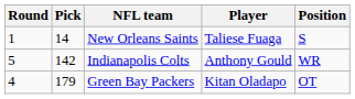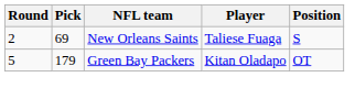 <table class="wikitable">
 <tr>
 <th style="text-align:center; ">Round</th>
 <th style="text-align:center; ">Pick</th>
 <th style="text-align:center; ">NFL team</th>
 <th style="text-align:center; ">Player</th>
 <th style="text-align:center; ">Position</th>
 </tr>
 <tr>
-<td>1</td>
-<td>14</td>
+<td>2</td>
+<td>69</td>
 <td><a href='#'>New Orleans Saints</a></td>
 <td><a href='#'>Taliese Fuaga</a></td>
 <td><a href='#'>S</a></td>
 </tr>
 <tr>
 <td>5</td>
-<td>142</td>
-<td><a href='#'>Indianapolis Colts</a></td>
-<td><a href='#'>Anthony Gould</a></td>
-<td><a href='#'>WR</a></td>
-</tr>
-<tr>
-<td>4</td>
 <td>179</td>
 <td><a href='#'>Green Bay Packers</a></td>
 <td><a href='#'>Kitan Oladapo</a></td>
 <td><a href='#'>OT</a></td>
 </tr>
 </table>
